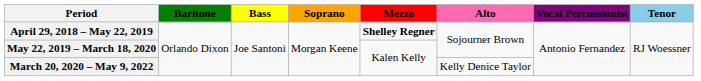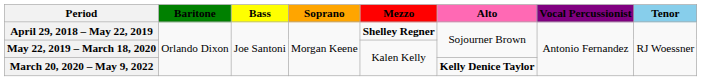 <table class="wikitable" style="text-align:center; ">
 <tr>
 <th>Period</th>
 <th style="background:green;">Baritone</th>
 <th style="background:yellow;">Bass</th>
 <th style="background:orange;">Soprano</th>
 <th style="background:red;">Mezzo</th>
 <th style="background:hotpink;">Alto</th>
 <th style="background:purple;">Vocal Percussionist</th>
 <th style="background:skyblue;">Tenor</th>
 </tr>
 <tr>
 <th>April 29, 2018 – May 22, 2019</th>
 <td rowspan="4">Orlando Dixon</td>
 <td rowspan="4">Joe Santoni</td>
 <td rowspan="4">Morgan Keene</td>
 <td><strong>Shelley Regner</strong></td>
 <td rowspan="2">Sojourner Brown</td>
 <td rowspan="4">Antonio Fernandez</td>
 <td rowspan="4">RJ Woessner</td>
 </tr>
 <tr>
 <th>May 22, 2019 – March 18, 2020</th>
 <td rowspan= "3">Kalen Kelly</td>
 </tr>
 <tr>
 <th>March 20, 2020 – May 9, 2022</th>
-<td>Kelly Denice Taylor</td>
+<td><strong>Kelly Denice Taylor</strong></td>
 </tr>
 </table>
